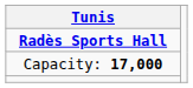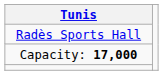 <table class="wikitable" style="margin:auto;text-align:center">
 <tr>
 <th><a href='#'>Tunis</a></th>
 <td rowspan=4></td>
 </tr>
 <tr>
-<td width=150px><strong><a href='#'>Radès Sports Hall</a></strong></td>
+<td width=150px><a href='#'>Radès Sports Hall</a></td>
 </tr>
 <tr>
 <td>Capacity: <strong>17,000</strong></td>
 </tr>
 <tr>
 <td></td>
 </tr>
 </table>
